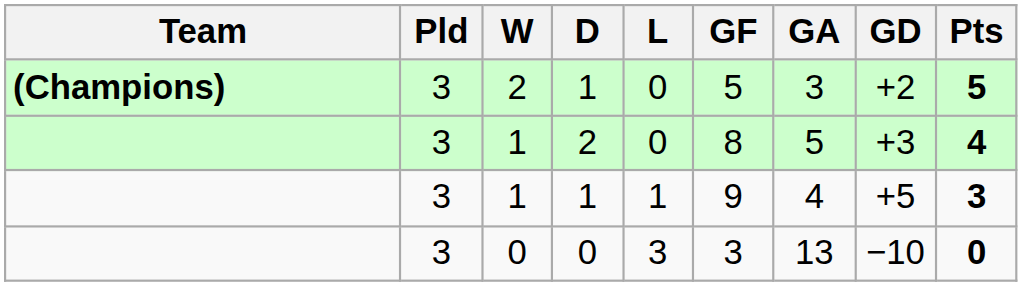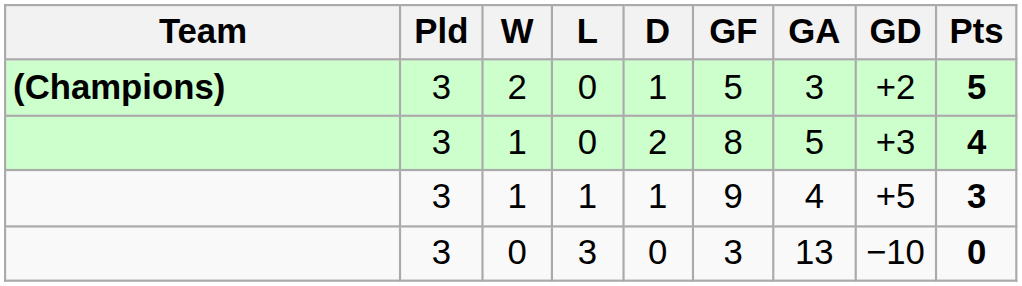 <table class="wikitable" style="text-align: center;">
 <tr>
 <th width="175">Team</th>
 <th width="30">Pld</th>
 <th width="25">W</th>
+<th width="25">L</th>
 <th width="25">D</th>
-<th width="25">L</th>
 <th width="30">GF</th>
 <th width="30">GA</th>
 <th width="30">GD</th>
 <th width="30">Pts</th>
 </tr>
 <tr bgcolor="#ccffcc">
 <td align=left> <strong>(Champions)</strong></td>
 <td>3</td>
 <td>2</td>
+<td>0</td>
 <td>1</td>
-<td>0</td>
 <td>5</td>
 <td>3</td>
 <td>+2</td>
 <td><strong>5</strong></td>
 </tr>
 <tr bgcolor="#ccffcc">
 <td align=left></td>
 <td>3</td>
 <td>1</td>
+<td>0</td>
 <td>2</td>
-<td>0</td>
 <td>8</td>
 <td>5</td>
 <td>+3</td>
 <td><strong>4</strong></td>
 </tr>
 <tr>
 <td align=left></td>
 <td>3</td>
 <td>1</td>
 <td>1</td>
 <td>1</td>
 <td>9</td>
 <td>4</td>
 <td>+5</td>
 <td><strong>3</strong></td>
 </tr>
 <tr>
 <td align=left></td>
 <td>3</td>
 <td>0</td>
+<td>3</td>
 <td>0</td>
-<td>3</td>
 <td>3</td>
 <td>13</td>
 <td>−10</td>
 <td><strong>0</strong></td>
 </tr>
 </table>
